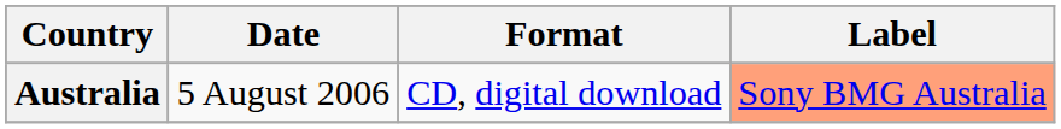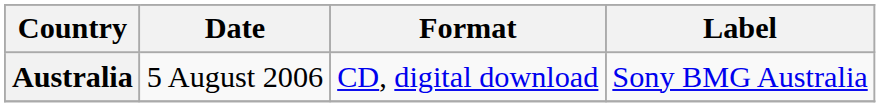 <table class="wikitable plainrowheaders">
 <tr>
 <th scope="col">Country</th>
 <th scope="col">Date</th>
 <th scope="col">Format</th>
 <th scope="col">Label</th>
 </tr>
 <tr>
 <th scope="row">Australia</th>
 <td>5 August 2006</td>
 <td><a href='#'>CD</a>, <a href='#'>digital download</a></td>
-<td style="background: lightsalmon;"><a href='#'>Sony BMG Australia</a></td>
+<td><a href='#'>Sony BMG Australia</a></td>
 </tr>
 <tr>
 </tr>
 </table>
